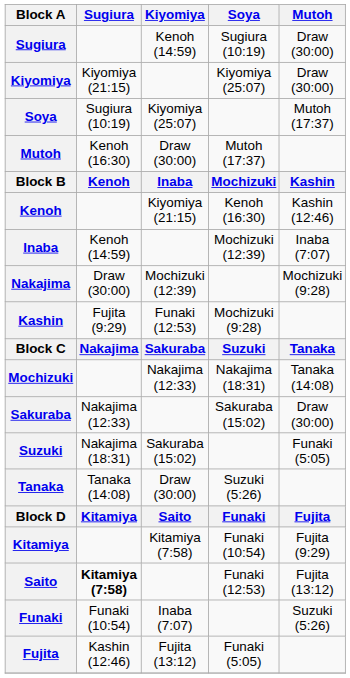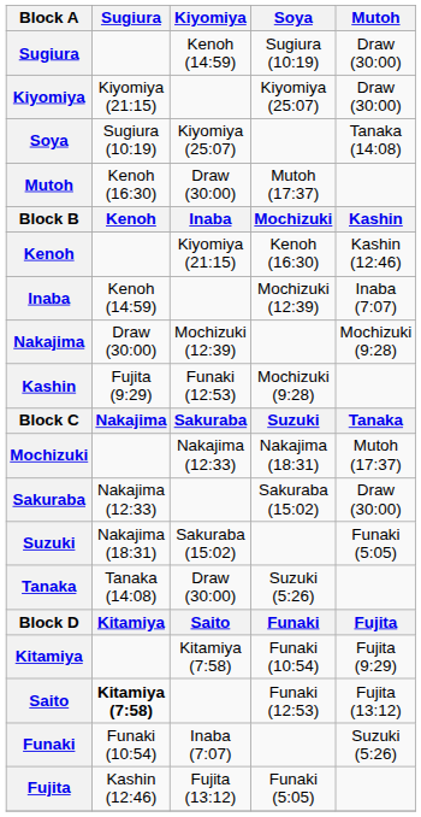 <table class="wikitable" align=center style="margin: 1em auto 1em auto">
 <tr>
 <th>Block A</th>
 <th><a href='#'>Sugiura</a></th>
 <th><a href='#'>Kiyomiya</a></th>
 <th><a href='#'>Soya</a></th>
 <th><a href='#'>Mutoh</a></th>
 </tr>
 <tr align="center">
 <th><a href='#'>Sugiura</a></th>
 <td></td>
 <td>Kenoh<br>(14:59)</td>
 <td>Sugiura<br>(10:19)</td>
 <td>Draw<br>(30:00)</td>
 </tr>
 <tr align="center">
 <th><a href='#'>Kiyomiya</a></th>
 <td>Kiyomiya<br>(21:15)</td>
 <td></td>
 <td>Kiyomiya<br>(25:07)</td>
 <td>Draw<br>(30:00)</td>
 </tr>
 <tr align="center">
 <th><a href='#'>Soya</a></th>
 <td>Sugiura<br>(10:19)</td>
 <td>Kiyomiya<br>(25:07)</td>
 <td></td>
-<td>Mutoh<br>(17:37)</td>
+<td>Tanaka<br>(14:08)</td>
 </tr>
 <tr align="center">
 <th><a href='#'>Mutoh</a></th>
 <td>Kenoh<br>(16:30)</td>
 <td>Draw<br>(30:00)</td>
 <td>Mutoh<br>(17:37)</td>
 <td></td>
 </tr>
 <tr align="center">
 <th>Block B</th>
 <th><a href='#'>Kenoh</a></th>
 <th><a href='#'>Inaba</a></th>
 <th><a href='#'>Mochizuki</a></th>
 <th><a href='#'>Kashin</a></th>
 </tr>
 <tr align="center">
 <th><a href='#'>Kenoh</a></th>
 <td></td>
 <td>Kiyomiya<br>(21:15)</td>
 <td>Kenoh<br>(16:30)</td>
 <td>Kashin<br>(12:46)</td>
 </tr>
 <tr align="center">
 <th><a href='#'>Inaba</a></th>
 <td>Kenoh<br>(14:59)</td>
 <td></td>
 <td>Mochizuki<br>(12:39)</td>
 <td>Inaba<br>(7:07)</td>
 </tr>
 <tr align="center">
 <th><a href='#'>Nakajima</a></th>
 <td>Draw<br>(30:00)</td>
 <td>Mochizuki<br>(12:39)</td>
 <td></td>
 <td>Mochizuki<br>(9:28)</td>
 </tr>
 <tr align="center">
 <th><a href='#'>Kashin</a></th>
 <td>Fujita<br>(9:29)</td>
 <td>Funaki<br>(12:53)</td>
 <td>Mochizuki<br>(9:28)</td>
 <td></td>
 </tr>
 <tr align="center">
 <th>Block C</th>
 <th><a href='#'>Nakajima</a></th>
 <th><a href='#'>Sakuraba</a></th>
 <th><a href='#'>Suzuki</a></th>
 <th><a href='#'>Tanaka</a></th>
 </tr>
 <tr align="center">
 <th><a href='#'>Mochizuki</a></th>
 <td></td>
 <td>Nakajima<br>(12:33)</td>
 <td>Nakajima<br>(18:31)</td>
-<td>Tanaka<br>(14:08)</td>
+<td>Mutoh<br>(17:37)</td>
 </tr>
 <tr align="center">
 <th><a href='#'>Sakuraba</a></th>
 <td>Nakajima<br>(12:33)</td>
 <td></td>
 <td>Sakuraba<br>(15:02)</td>
 <td>Draw<br>(30:00)</td>
 </tr>
 <tr align="center">
 <th><a href='#'>Suzuki</a></th>
 <td>Nakajima<br>(18:31)</td>
 <td>Sakuraba<br>(15:02)</td>
 <td></td>
 <td>Funaki<br>(5:05)</td>
 </tr>
 <tr align="center">
 <th><a href='#'>Tanaka</a></th>
 <td>Tanaka<br>(14:08)</td>
 <td>Draw<br>(30:00)</td>
 <td>Suzuki<br>(5:26)</td>
 <td></td>
 </tr>
 <tr align="center">
 <th>Block D</th>
 <th><a href='#'>Kitamiya</a></th>
 <th><a href='#'>Saito</a></th>
 <th><a href='#'>Funaki</a></th>
 <th><a href='#'>Fujita</a></th>
 </tr>
 <tr align="center">
 <th><a href='#'>Kitamiya</a></th>
 <td></td>
 <td>Kitamiya<br>(7:58)</td>
 <td>Funaki<br>(10:54)</td>
 <td>Fujita<br>(9:29)</td>
 </tr>
 <tr align="center">
 <th><a href='#'>Saito</a></th>
 <td><strong>Kitamiya<br>(7:58)</strong></td>
 <td></td>
 <td>Funaki<br>(12:53)</td>
 <td>Fujita<br>(13:12)</td>
 </tr>
 <tr align="center">
 <th><a href='#'>Funaki</a></th>
 <td>Funaki<br>(10:54)</td>
 <td>Inaba<br>(7:07)</td>
 <td></td>
 <td>Suzuki<br>(5:26)</td>
 </tr>
 <tr align="center">
 <th><a href='#'>Fujita</a></th>
 <td>Kashin<br>(12:46)</td>
 <td>Fujita<br>(13:12)</td>
 <td>Funaki<br>(5:05)</td>
 <td></td>
 </tr>
 <tr align="center">
 </tr>
 </table>
